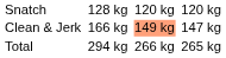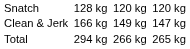 <table>
 <tr>
 <td>Snatch</td>
 <td></td>
 <td>128 kg</td>
 <td></td>
 <td>120 kg</td>
 <td></td>
 <td>120 kg</td>
 </tr>
 <tr>
 <td>Clean & Jerk</td>
 <td></td>
 <td>166 kg</td>
 <td></td>
-<td style="background: lightsalmon;">149 kg</td>
+<td>149 kg</td>
 <td></td>
 <td>147 kg</td>
 </tr>
 <tr>
 <td>Total</td>
 <td></td>
 <td>294 kg</td>
 <td></td>
 <td>266 kg</td>
 <td></td>
 <td>265 kg</td>
 </tr>
 </table>
